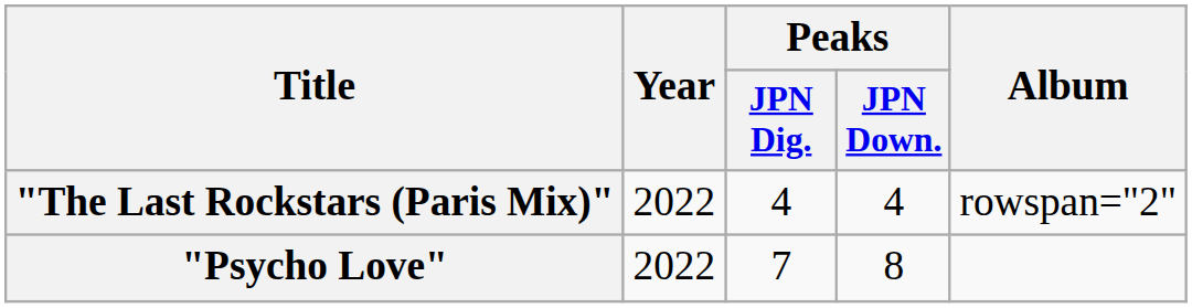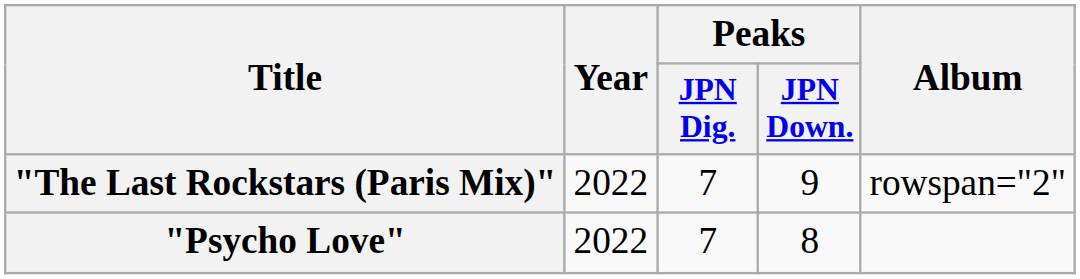 <table class="wikitable plainrowheaders" style="text-align:center;">
 <tr>
 <th scope="col" rowspan="2">Title</th>
 <th scope="col" rowspan="2">Year</th>
 <th scope="col" colspan="2">Peaks</th>
 <th scope="col" rowspan="2">Album</th>
 </tr>
 <tr>
 <th scope="col" style="width:2.75em;font-size:85%;"><a href='#'>JPN<br>Dig.</a><br></th>
 <th scope="col" style="width:2.75em;font-size:85%;"><a href='#'>JPN<br>Down.</a><br></th>
 </tr>
 <tr>
 <th scope="row">"The Last Rockstars (Paris Mix)"</th>
 <td>2022</td>
-<td>4</td>
-<td>4</td>
+<td>7</td>
+<td>9</td>
 <td>rowspan="2" </td>
 </tr>
 <tr>
 <th scope="row">"Psycho Love"</th>
 <td>2022</td>
 <td>7</td>
 <td>8</td>
 </tr>
 </table>
